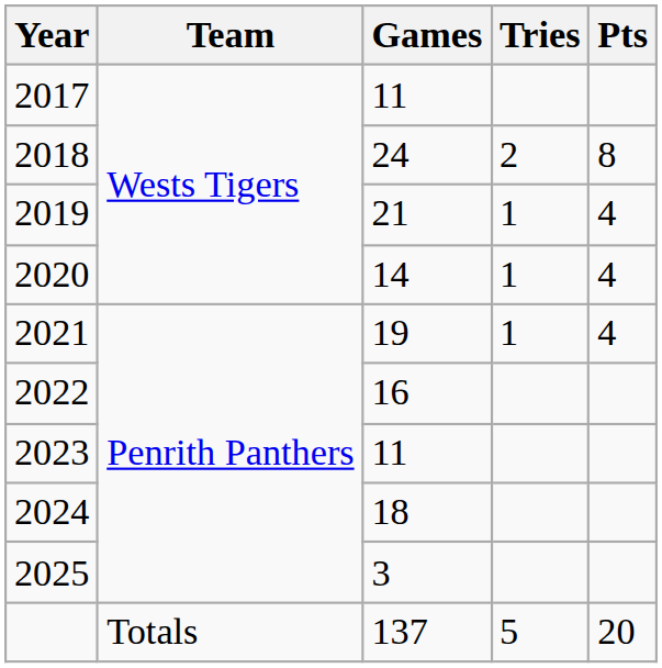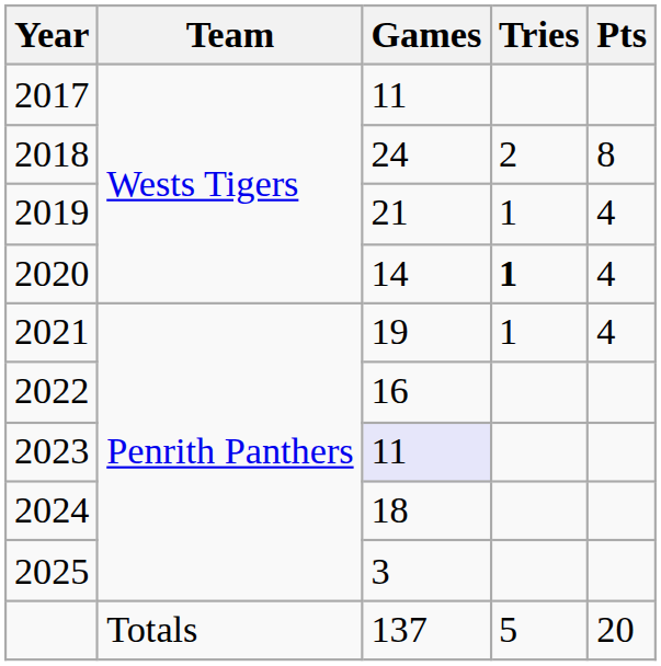 <table class="wikitable">
 <tr>
 <th>Year</th>
 <th>Team</th>
 <th>Games</th>
 <th>Tries</th>
 <th>Pts</th>
 </tr>
 <tr>
 <td>2017</td>
 <td rowspan="4"> <a href='#'>Wests Tigers</a></td>
 <td>11</td>
 <td></td>
 <td></td>
 </tr>
 <tr>
 <td>2018</td>
 <td>24</td>
 <td>2</td>
 <td>8</td>
 </tr>
 <tr>
 <td>2019</td>
 <td>21</td>
 <td>1</td>
 <td>4</td>
 </tr>
 <tr>
 <td>2020</td>
 <td>14</td>
-<td>1</td>
+<td><strong>1</strong></td>
 <td>4</td>
 </tr>
 <tr>
 <td>2021</td>
 <td rowspan="5"> <a href='#'>Penrith Panthers</a></td>
 <td>19</td>
 <td>1</td>
 <td>4</td>
 </tr>
 <tr>
 <td>2022</td>
 <td>16</td>
 <td></td>
 <td></td>
 </tr>
 <tr>
 <td>2023</td>
-<td>11</td>
+<td style="background: lavender;">11</td>
 <td></td>
 <td></td>
 </tr>
 <tr>
 <td>2024</td>
 <td>18</td>
 <td></td>
 <td></td>
 </tr>
 <tr>
 <td>2025</td>
 <td>3</td>
 <td></td>
 <td></td>
 </tr>
 <tr>
 <td></td>
 <td>Totals</td>
 <td>137</td>
 <td>5</td>
 <td>20</td>
 </tr>
 </table>
